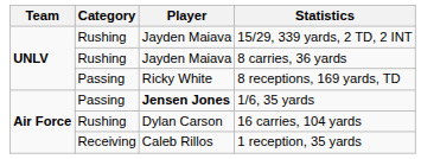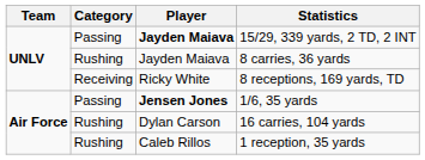 <table class="wikitable" style="float: right;">
 <tr>
 <th>Team</th>
 <th>Category</th>
 <th>Player</th>
 <th>Statistics</th>
 </tr>
 <tr>
 <td rowspan=3><strong>UNLV</strong></td>
-<td>Rushing</td>
-<td>Jayden Maiava</td>
+<td>Passing</td>
+<td><strong>Jayden Maiava</strong></td>
 <td>15/29, 339 yards, 2 TD, 2 INT</td>
 </tr>
 <tr>
 <td>Rushing</td>
 <td>Jayden Maiava</td>
 <td>8 carries, 36 yards</td>
 </tr>
 <tr>
-<td>Passing</td>
+<td>Receiving</td>
 <td>Ricky White</td>
 <td>8 receptions, 169 yards, TD</td>
 </tr>
 <tr>
 <td rowspan=3><strong>Air Force</strong></td>
 <td>Passing</td>
 <td><strong>Jensen Jones</strong></td>
 <td>1/6, 35 yards</td>
 </tr>
 <tr>
 <td>Rushing</td>
 <td>Dylan Carson</td>
 <td>16 carries, 104 yards</td>
 </tr>
 <tr>
-<td>Receiving</td>
+<td>Rushing</td>
 <td>Caleb Rillos</td>
 <td>1 reception, 35 yards</td>
 </tr>
 </table>
